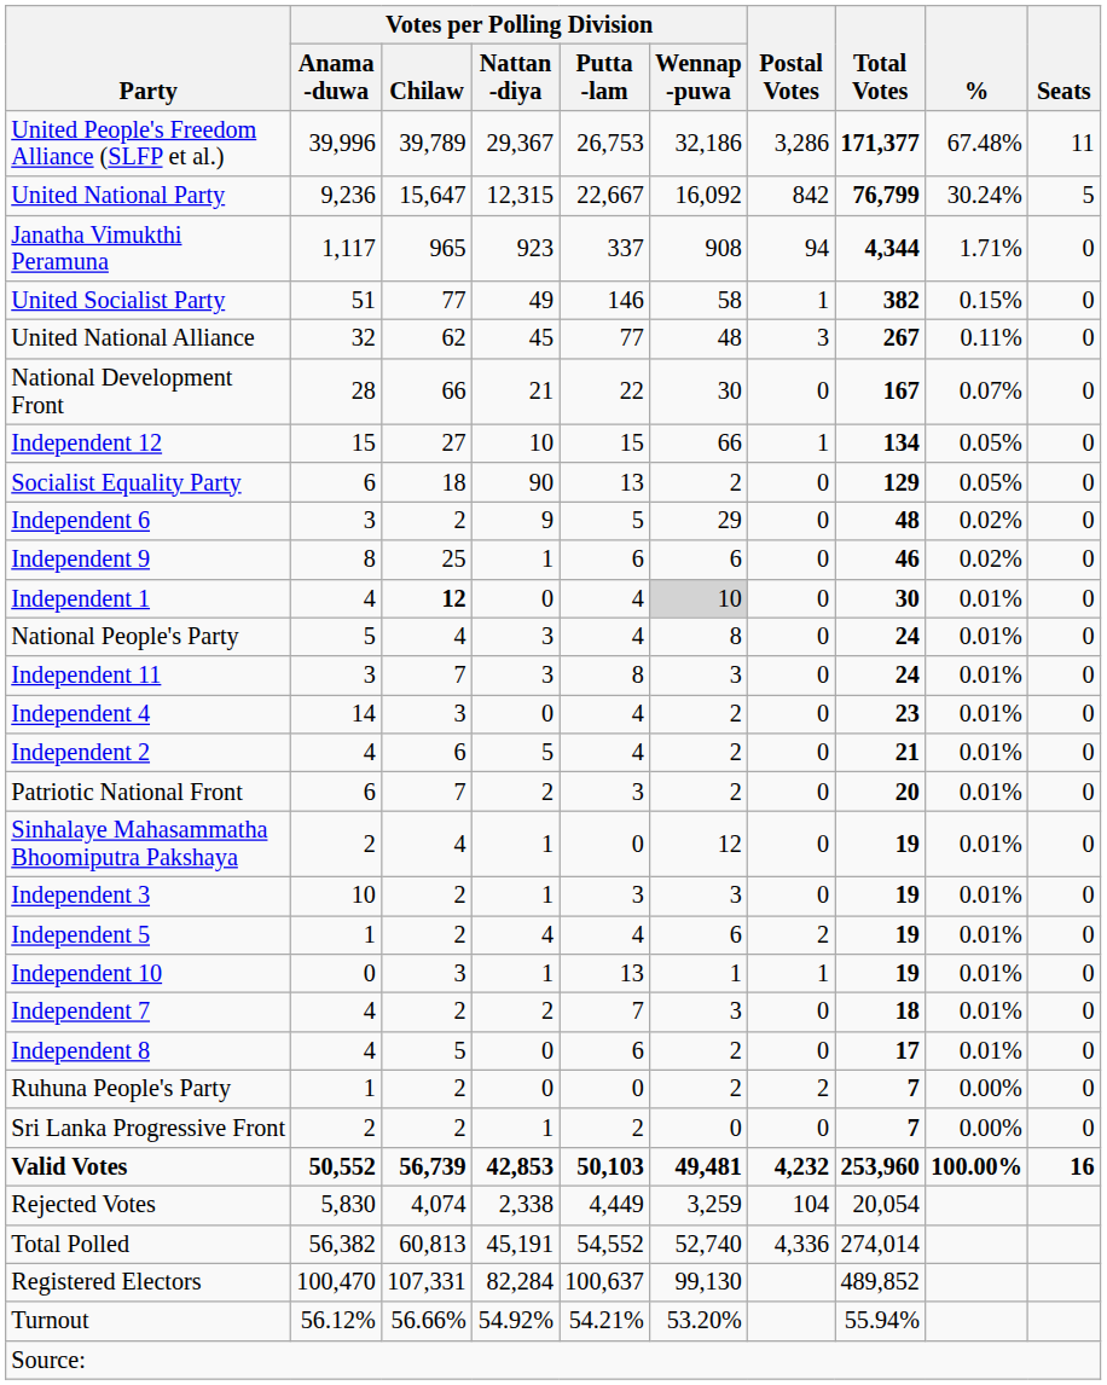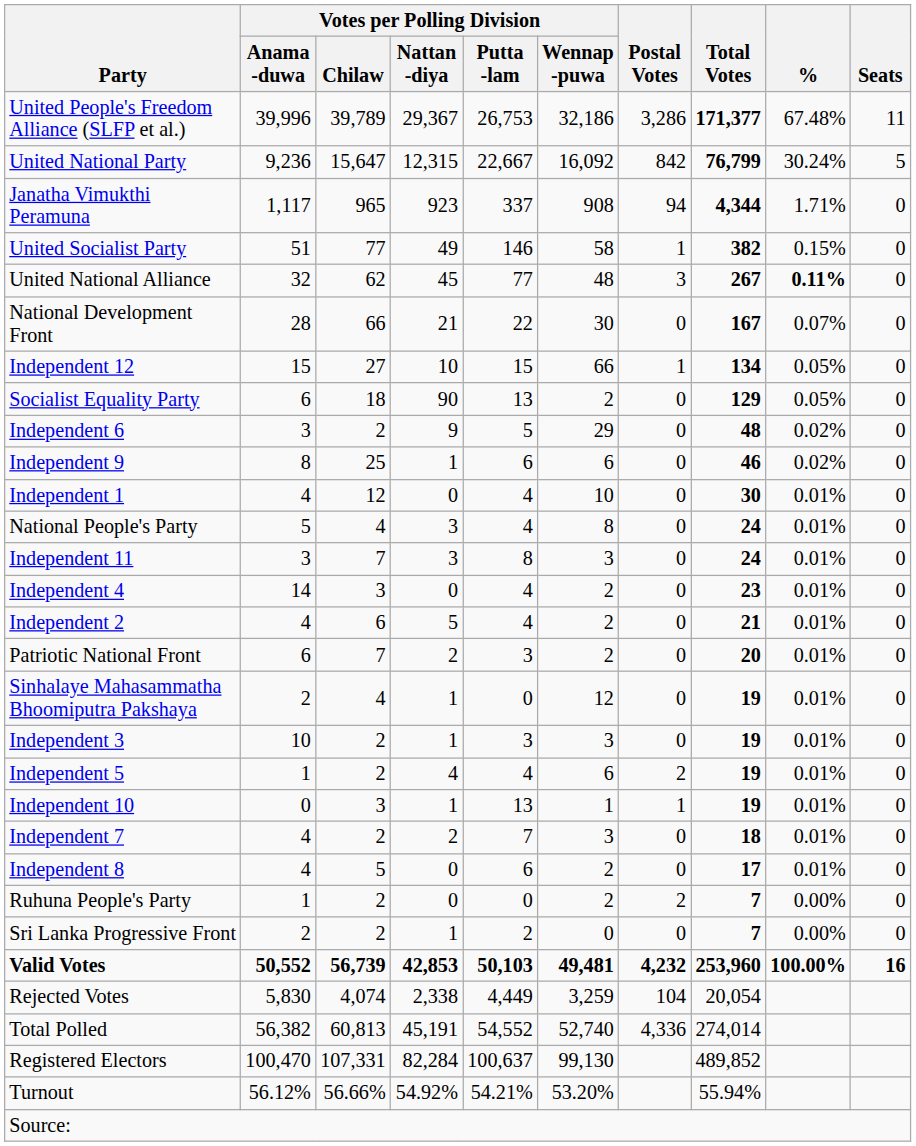 <table class="wikitable" border="1" style="text-align:right;">
 <tr>
 <th align=left valign=bottom rowspan=2 width="180">Party</th>
 <th colspan=5>Votes per Polling Division</th>
 <th align=center valign=bottom rowspan=2 width="50">Postal<br>Votes</th>
 <th align=center valign=bottom rowspan=2 width="50">Total Votes</th>
 <th align=center valign=bottom rowspan=2 width="50">%</th>
 <th align=center valign=bottom rowspan=2 width="40">Seats</th>
 </tr>
 <tr>
 <th align=center valign=bottom width="50">Anama<br>-duwa</th>
 <th align=center valign=bottom width="50">Chilaw</th>
 <th align=center valign=bottom width="50">Nattan<br>-diya</th>
 <th align=center valign=bottom width="50">Putta<br>-lam</th>
 <th align=center valign=bottom width="50">Wennap<br>-puwa</th>
 </tr>
 <tr>
 <td align=left><a href='#'>United People's Freedom Alliance</a> (<a href='#'>SLFP</a> et al.)</td>
 <td>39,996</td>
 <td>39,789</td>
 <td>29,367</td>
 <td>26,753</td>
 <td>32,186</td>
 <td>3,286</td>
 <td><strong>171,377</strong></td>
 <td>67.48%</td>
 <td>11</td>
 </tr>
 <tr>
 <td align=left><a href='#'>United National Party</a></td>
 <td>9,236</td>
 <td>15,647</td>
 <td>12,315</td>
 <td>22,667</td>
 <td>16,092</td>
 <td>842</td>
 <td><strong>76,799</strong></td>
 <td>30.24%</td>
 <td>5</td>
 </tr>
 <tr>
 <td align=left><a href='#'>Janatha Vimukthi Peramuna</a></td>
 <td>1,117</td>
 <td>965</td>
 <td>923</td>
 <td>337</td>
 <td>908</td>
 <td>94</td>
 <td><strong>4,344</strong></td>
 <td>1.71%</td>
 <td>0</td>
 </tr>
 <tr>
 <td align=left><a href='#'>United Socialist Party</a></td>
 <td>51</td>
 <td>77</td>
 <td>49</td>
 <td>146</td>
 <td>58</td>
 <td>1</td>
 <td><strong>382</strong></td>
 <td>0.15%</td>
 <td>0</td>
 </tr>
 <tr>
 <td align=left>United National Alliance</td>
 <td>32</td>
 <td>62</td>
 <td>45</td>
 <td>77</td>
 <td>48</td>
 <td>3</td>
 <td><strong>267</strong></td>
-<td>0.11%</td>
+<td><strong>0.11%</strong></td>
 <td>0</td>
 </tr>
 <tr>
 <td align=left>National Development Front</td>
 <td>28</td>
 <td>66</td>
 <td>21</td>
 <td>22</td>
 <td>30</td>
 <td>0</td>
 <td><strong>167</strong></td>
 <td>0.07%</td>
 <td>0</td>
 </tr>
 <tr>
 <td align=left><a href='#'>Independent 12</a></td>
 <td>15</td>
 <td>27</td>
 <td>10</td>
 <td>15</td>
 <td>66</td>
 <td>1</td>
 <td><strong>134</strong></td>
 <td>0.05%</td>
 <td>0</td>
 </tr>
 <tr>
 <td align=left><a href='#'>Socialist Equality Party</a></td>
 <td>6</td>
 <td>18</td>
 <td>90</td>
 <td>13</td>
 <td>2</td>
 <td>0</td>
 <td><strong>129</strong></td>
 <td>0.05%</td>
 <td>0</td>
 </tr>
 <tr>
 <td align=left><a href='#'>Independent 6</a></td>
 <td>3</td>
 <td>2</td>
 <td>9</td>
 <td>5</td>
 <td>29</td>
 <td>0</td>
 <td><strong>48</strong></td>
 <td>0.02%</td>
 <td>0</td>
 </tr>
 <tr>
 <td align=left><a href='#'>Independent 9</a></td>
 <td>8</td>
 <td>25</td>
 <td>1</td>
 <td>6</td>
 <td>6</td>
 <td>0</td>
 <td><strong>46</strong></td>
 <td>0.02%</td>
 <td>0</td>
 </tr>
 <tr>
 <td align=left><a href='#'>Independent 1</a></td>
 <td>4</td>
-<td><strong>12</strong></td>
+<td>12</td>
 <td>0</td>
 <td>4</td>
-<td style="background: lightgrey;">10</td>
+<td>10</td>
 <td>0</td>
 <td><strong>30</strong></td>
 <td>0.01%</td>
 <td>0</td>
 </tr>
 <tr>
 <td align=left>National People's Party</td>
 <td>5</td>
 <td>4</td>
 <td>3</td>
 <td>4</td>
 <td>8</td>
 <td>0</td>
 <td><strong>24</strong></td>
 <td>0.01%</td>
 <td>0</td>
 </tr>
 <tr>
 <td align=left><a href='#'>Independent 11</a></td>
 <td>3</td>
 <td>7</td>
 <td>3</td>
 <td>8</td>
 <td>3</td>
 <td>0</td>
 <td><strong>24</strong></td>
 <td>0.01%</td>
 <td>0</td>
 </tr>
 <tr>
 <td align=left><a href='#'>Independent 4</a></td>
 <td>14</td>
 <td>3</td>
 <td>0</td>
 <td>4</td>
 <td>2</td>
 <td>0</td>
 <td><strong>23</strong></td>
 <td>0.01%</td>
 <td>0</td>
 </tr>
 <tr>
 <td align=left><a href='#'>Independent 2</a></td>
 <td>4</td>
 <td>6</td>
 <td>5</td>
 <td>4</td>
 <td>2</td>
 <td>0</td>
 <td><strong>21</strong></td>
 <td>0.01%</td>
 <td>0</td>
 </tr>
 <tr>
 <td align=left>Patriotic National Front</td>
 <td>6</td>
 <td>7</td>
 <td>2</td>
 <td>3</td>
 <td>2</td>
 <td>0</td>
 <td><strong>20</strong></td>
 <td>0.01%</td>
 <td>0</td>
 </tr>
 <tr>
 <td align=left><a href='#'>Sinhalaye Mahasammatha Bhoomiputra Pakshaya</a></td>
 <td>2</td>
 <td>4</td>
 <td>1</td>
 <td>0</td>
 <td>12</td>
 <td>0</td>
 <td><strong>19</strong></td>
 <td>0.01%</td>
 <td>0</td>
 </tr>
 <tr>
 <td align=left><a href='#'>Independent 3</a></td>
 <td>10</td>
 <td>2</td>
 <td>1</td>
 <td>3</td>
 <td>3</td>
 <td>0</td>
 <td><strong>19</strong></td>
 <td>0.01%</td>
 <td>0</td>
 </tr>
 <tr>
 <td align=left><a href='#'>Independent 5</a></td>
 <td>1</td>
 <td>2</td>
 <td>4</td>
 <td>4</td>
 <td>6</td>
 <td>2</td>
 <td><strong>19</strong></td>
 <td>0.01%</td>
 <td>0</td>
 </tr>
 <tr>
 <td align=left><a href='#'>Independent 10</a></td>
 <td>0</td>
 <td>3</td>
 <td>1</td>
 <td>13</td>
 <td>1</td>
 <td>1</td>
 <td><strong>19</strong></td>
 <td>0.01%</td>
 <td>0</td>
 </tr>
 <tr>
 <td align=left><a href='#'>Independent 7</a></td>
 <td>4</td>
 <td>2</td>
 <td>2</td>
 <td>7</td>
 <td>3</td>
 <td>0</td>
 <td><strong>18</strong></td>
 <td>0.01%</td>
 <td>0</td>
 </tr>
 <tr>
 <td align=left><a href='#'>Independent 8</a></td>
 <td>4</td>
 <td>5</td>
 <td>0</td>
 <td>6</td>
 <td>2</td>
 <td>0</td>
 <td><strong>17</strong></td>
 <td>0.01%</td>
 <td>0</td>
 </tr>
 <tr>
 <td align=left>Ruhuna People's Party</td>
 <td>1</td>
 <td>2</td>
 <td>0</td>
 <td>0</td>
 <td>2</td>
 <td>2</td>
 <td><strong>7</strong></td>
 <td>0.00%</td>
 <td>0</td>
 </tr>
 <tr>
 <td align=left>Sri Lanka Progressive Front</td>
 <td>2</td>
 <td>2</td>
 <td>1</td>
 <td>2</td>
 <td>0</td>
 <td>0</td>
 <td><strong>7</strong></td>
 <td>0.00%</td>
 <td>0</td>
 </tr>
 <tr>
 <td align=left><strong>Valid Votes</strong></td>
 <td><strong>50,552</strong></td>
 <td><strong>56,739</strong></td>
 <td><strong>42,853</strong></td>
 <td><strong>50,103</strong></td>
 <td><strong>49,481</strong></td>
 <td><strong>4,232</strong></td>
 <td><strong>253,960</strong></td>
 <td><strong>100.00%</strong></td>
 <td><strong>16</strong></td>
 </tr>
 <tr>
 <td align=left>Rejected Votes</td>
 <td>5,830</td>
 <td>4,074</td>
 <td>2,338</td>
 <td>4,449</td>
 <td>3,259</td>
 <td>104</td>
 <td>20,054</td>
 <td></td>
 <td></td>
 </tr>
 <tr>
 <td align=left>Total Polled</td>
 <td>56,382</td>
 <td>60,813</td>
 <td>45,191</td>
 <td>54,552</td>
 <td>52,740</td>
 <td>4,336</td>
 <td>274,014</td>
 <td></td>
 <td></td>
 </tr>
 <tr>
 <td align=left>Registered Electors</td>
 <td>100,470</td>
 <td>107,331</td>
 <td>82,284</td>
 <td>100,637</td>
 <td>99,130</td>
 <td></td>
 <td>489,852</td>
 <td></td>
 <td></td>
 </tr>
 <tr>
 <td align=left>Turnout</td>
 <td>56.12%</td>
 <td>56.66%</td>
 <td>54.92%</td>
 <td>54.21%</td>
 <td>53.20%</td>
 <td></td>
 <td>55.94%</td>
 <td></td>
 <td></td>
 </tr>
 <tr>
 <td align=left colspan=11>Source:</td>
 </tr>
 </table>
